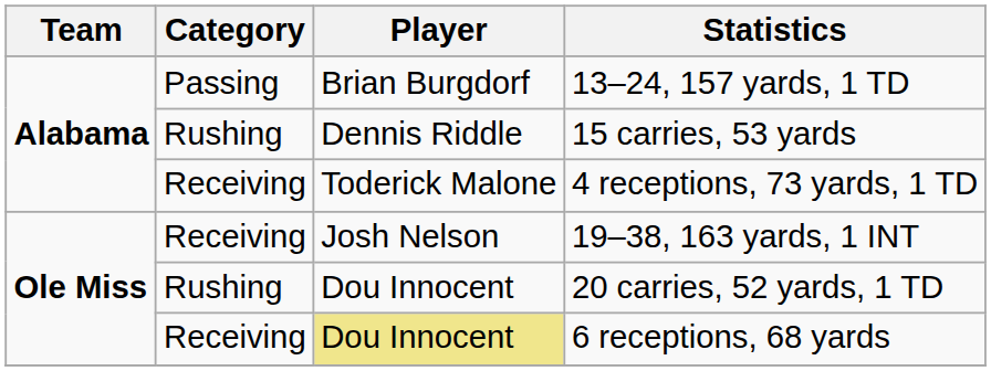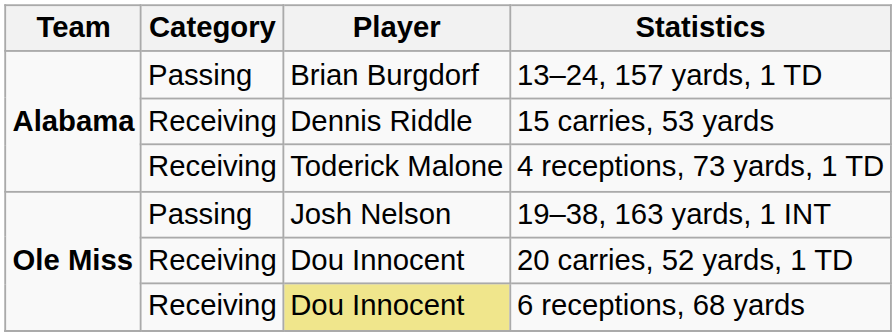 <table class="wikitable" style="float: right;">
 <tr>
 <th>Team</th>
 <th>Category</th>
 <th>Player</th>
 <th>Statistics</th>
 </tr>
 <tr>
 <td rowspan=3><strong>Alabama</strong></td>
 <td>Passing</td>
 <td>Brian Burgdorf</td>
 <td>13–24, 157 yards, 1 TD</td>
 </tr>
 <tr>
-<td>Rushing</td>
+<td>Receiving</td>
 <td>Dennis Riddle</td>
 <td>15 carries, 53 yards</td>
 </tr>
 <tr>
 <td>Receiving</td>
 <td>Toderick Malone</td>
 <td>4 receptions, 73 yards, 1 TD</td>
 </tr>
 <tr>
 <td rowspan=3><strong>Ole Miss</strong></td>
-<td>Receiving</td>
+<td>Passing</td>
 <td>Josh Nelson</td>
 <td>19–38, 163 yards, 1 INT</td>
 </tr>
 <tr>
-<td>Rushing</td>
+<td>Receiving</td>
 <td>Dou Innocent</td>
 <td>20 carries, 52 yards, 1 TD</td>
 </tr>
 <tr>
 <td>Receiving</td>
 <td style="background: khaki;">Dou Innocent</td>
 <td>6 receptions, 68 yards</td>
 </tr>
 <tr>
 </tr>
 </table>
